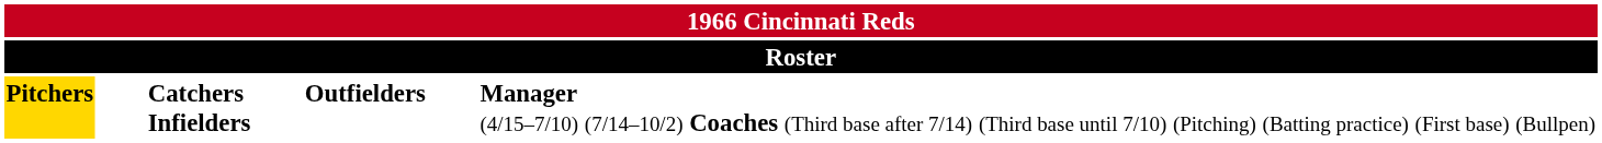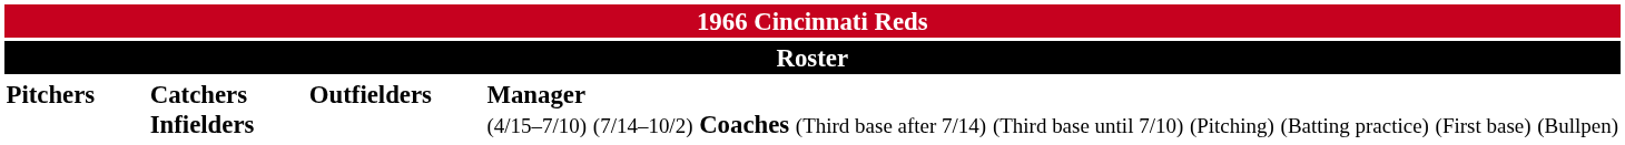 <table class="toccolours" style="font-size: 95%;">
 <tr>
 <th colspan="10" style="background-color: #c6011f; color: white; text-align: center;">1966 Cincinnati Reds</th>
 </tr>
 <tr>
 <td colspan="10" style="background-color: black; color: white; text-align: center;"><strong>Roster</strong></td>
 </tr>
 <tr>
-<td valign="top" style="background: gold;"><strong>Pitchers</strong><br>              </td>
+<td valign="top"><strong>Pitchers</strong><br>              </td>
 <td width="25px"></td>
 <td valign="top"><strong>Catchers</strong><br>   <strong>Infielders</strong>       </td>
 <td width="25px"></td>
 <td valign="top"><strong>Outfielders</strong><br>     </td>
 <td width="25px"></td>
 <td valign="top"><strong>Manager</strong><br> <small>(4/15–7/10)</small>  <small>(7/14–10/2)</small> <strong>Coaches</strong>  <small>(Third base after 7/14)</small>  <small>(Third base until 7/10)</small>  <small>(Pitching)</small>  <small>(Batting practice)</small>  <small>(First base)</small>  <small>(Bullpen)</small></td>
 </tr>
 </table>
